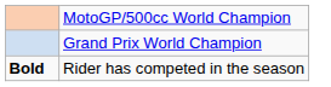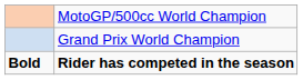 <table class="wikitable">
 <tr>
 <td style="text-align:center; width:47px; background:#FBCEB1;"></td>
 <td><a href='#'>MotoGP/500cc World Champion</a></td>
 </tr>
 <tr>
 <td style="text-align:center; width:47px; background:#CEDFF2;"></td>
 <td><a href='#'>Grand Prix World Champion</a></td>
 </tr>
 <tr>
 <td><strong>Bold</strong></td>
-<td>Rider has competed in the  season</td>
+<td><strong>Rider has competed in the  season</strong></td>
 </tr>
 </table>
